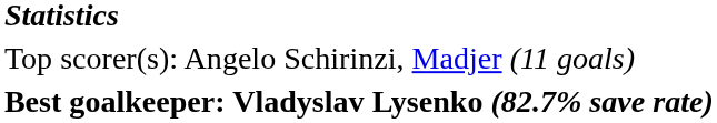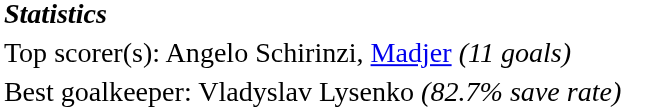 <table width=100% cellspacing=1 style="font-size: 90%;">
 <tr>
 <td><strong><em>Statistics</em></strong></td>
 </tr>
 <tr>
 <td colspan=4>Top scorer(s):  Angelo Schirinzi,  <a href='#'>Madjer</a> <em>(11 goals)</em></td>
 </tr>
 <tr>
-<td><strong>Best goalkeeper:  Vladyslav Lysenko <em>(82.7% save rate)</em></strong></td>
+<td>Best goalkeeper:  Vladyslav Lysenko <em>(82.7% save rate)</em></td>
 </tr>
 </table>
